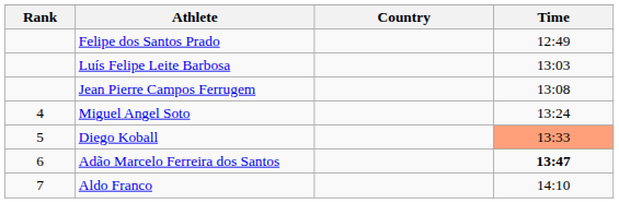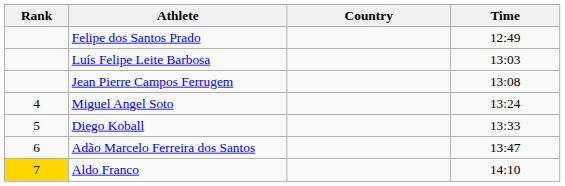 <table class="wikitable sortable" style=" text-align:center; font-size:95%;" width="50%">
 <tr>
 </tr>
 <tr>
 <th width=5%>Rank</th>
 <th width=20%>Athlete</th>
 <th width=15%>Country</th>
 <th width=10%>Time</th>
 </tr>
 <tr>
 <td align=center></td>
 <td align=left><a href='#'>Felipe dos Santos Prado</a></td>
 <td align=left></td>
 <td>12:49</td>
 </tr>
 <tr>
 <td align=center></td>
 <td align=left><a href='#'>Luís Felipe Leite Barbosa</a></td>
 <td align=left></td>
 <td>13:03</td>
 </tr>
 <tr>
 <td align=center></td>
 <td align=left><a href='#'>Jean Pierre Campos Ferrugem</a></td>
 <td align=left></td>
 <td>13:08</td>
 </tr>
 <tr>
 <td align=center>4</td>
 <td align=left><a href='#'>Miguel Angel Soto</a></td>
 <td align=left></td>
 <td>13:24</td>
 </tr>
 <tr>
 <td align=center>5</td>
 <td align=left><a href='#'>Diego Koball</a></td>
 <td align=left></td>
-<td style="background: lightsalmon;">13:33</td>
+<td>13:33</td>
 </tr>
 <tr>
 <td align=center>6</td>
 <td align=left><a href='#'>Adão Marcelo Ferreira dos Santos</a></td>
 <td align=left></td>
-<td><strong>13:47</strong></td>
+<td>13:47</td>
 </tr>
 <tr>
-<td align=center>7</td>
+<td align=center style="background: gold;">7</td>
 <td align=left><a href='#'>Aldo Franco</a></td>
 <td align=left></td>
 <td>14:10</td>
 </tr>
 </table>
